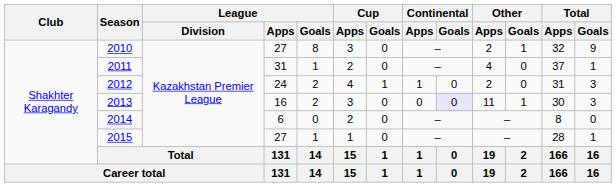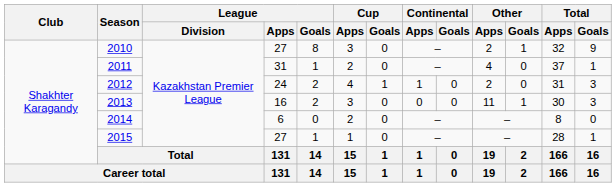 <table class="wikitable" style="text-align:center">
 <tr>
 <th rowspan="2">Club</th>
 <th rowspan="2">Season</th>
 <th colspan="3">League</th>
 <th colspan="2">Cup</th>
 <th colspan="2">Continental</th>
 <th colspan="2">Other</th>
 <th colspan="2">Total</th>
 </tr>
 <tr>
 <th>Division</th>
 <th>Apps</th>
 <th>Goals</th>
 <th>Apps</th>
 <th>Goals</th>
 <th>Apps</th>
 <th>Goals</th>
 <th>Apps</th>
 <th>Goals</th>
 <th>Apps</th>
 <th>Goals</th>
 </tr>
 <tr>
 <td rowspan="7"><a href='#'>Shakhter Karagandy</a></td>
 <td><a href='#'>2010</a></td>
 <td rowspan="6"><a href='#'>Kazakhstan Premier League</a></td>
 <td>27</td>
 <td>8</td>
 <td>3</td>
 <td>0</td>
 <td colspan="2">–</td>
 <td>2</td>
 <td>1</td>
 <td>32</td>
 <td>9</td>
 </tr>
 <tr>
 <td><a href='#'>2011</a></td>
 <td>31</td>
 <td>1</td>
 <td>2</td>
 <td>0</td>
 <td colspan="2">–</td>
 <td>4</td>
 <td>0</td>
 <td>37</td>
 <td>1</td>
 </tr>
 <tr>
 <td><a href='#'>2012</a></td>
 <td>24</td>
 <td>2</td>
 <td>4</td>
 <td>1</td>
 <td>1</td>
 <td>0</td>
 <td>2</td>
 <td>0</td>
 <td>31</td>
 <td>3</td>
 </tr>
 <tr>
 <td><a href='#'>2013</a></td>
 <td>16</td>
 <td>2</td>
 <td>3</td>
 <td>0</td>
 <td>0</td>
-<td style="background: lavender;">0</td>
+<td>0</td>
 <td>11</td>
 <td>1</td>
 <td>30</td>
 <td>3</td>
 </tr>
 <tr>
 <td><a href='#'>2014</a></td>
 <td>6</td>
 <td>0</td>
 <td>2</td>
 <td>0</td>
 <td colspan="2">–</td>
 <td colspan="2">–</td>
 <td>8</td>
 <td>0</td>
 </tr>
 <tr>
 <td><a href='#'>2015</a></td>
 <td>27</td>
 <td>1</td>
 <td>1</td>
 <td>0</td>
 <td colspan="2">–</td>
 <td colspan="2">–</td>
 <td>28</td>
 <td>1</td>
 </tr>
 <tr>
 <th colspan="2">Total</th>
 <th>131</th>
 <th>14</th>
 <th>15</th>
 <th>1</th>
 <th>1</th>
 <th>0</th>
 <th>19</th>
 <th>2</th>
 <th>166</th>
 <th>16</th>
 </tr>
 <tr>
 <th colspan="3">Career total</th>
 <th>131</th>
 <th>14</th>
 <th>15</th>
 <th>1</th>
 <th>1</th>
 <th>0</th>
 <th>19</th>
 <th>2</th>
 <th>166</th>
 <th>16</th>
 </tr>
 </table>
